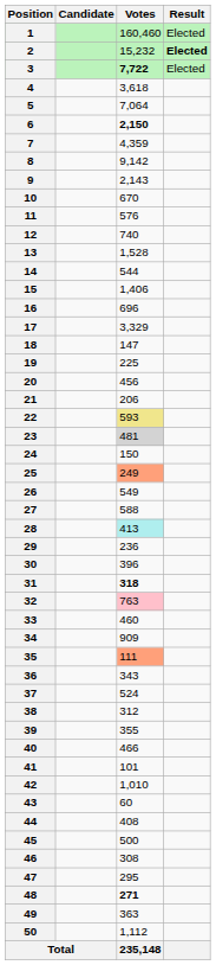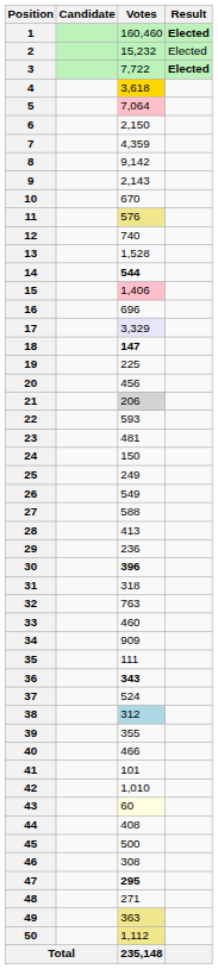 <table class="wikitable sortable col3right">
 <tr>
 <th scope="col">Position</th>
 <th scope="col">Candidate</th>
 <th scope="col">Votes</th>
 <th scope="col">Result</th>
 </tr>
 <tr bgcolor=bbf3bb>
 <th scope="row">1</th>
 <td></td>
 <td>160,460</td>
-<td>Elected</td>
+<td><strong>Elected</strong></td>
 </tr>
 <tr bgcolor=bbf3bb>
 <th scope="row">2</th>
 <td></td>
 <td>15,232</td>
-<td><strong>Elected</strong></td>
+<td>Elected</td>
 </tr>
 <tr bgcolor=bbf3bb>
 <th scope="row">3</th>
 <td></td>
-<td><strong>7,722</strong></td>
-<td>Elected</td>
+<td>7,722</td>
+<td><strong>Elected</strong></td>
 </tr>
 <tr>
 <th scope="row">4</th>
 <td></td>
-<td>3,618</td>
+<td style="background: gold;">3,618</td>
 <td></td>
 </tr>
 <tr>
 <th scope="row">5</th>
 <td></td>
-<td>7,064</td>
+<td style="background: pink;">7,064</td>
 <td></td>
 </tr>
 <tr>
 <th scope="row">6</th>
 <td></td>
-<td><strong>2,150</strong></td>
+<td>2,150</td>
 <td></td>
 </tr>
 <tr>
 <th scope="row">7</th>
 <td></td>
 <td>4,359</td>
 <td></td>
 </tr>
 <tr>
 <th scope="row">8</th>
 <td></td>
 <td>9,142</td>
 <td></td>
 </tr>
 <tr>
 <th scope="row">9</th>
 <td></td>
 <td>2,143</td>
 <td></td>
 </tr>
 <tr>
 <th scope="row">10</th>
 <td></td>
 <td>670</td>
 <td></td>
 </tr>
 <tr>
 <th scope="row">11</th>
 <td></td>
-<td>576</td>
+<td style="background: khaki;">576</td>
 <td></td>
 </tr>
 <tr>
 <th scope="row">12</th>
 <td></td>
 <td>740</td>
 <td></td>
 </tr>
 <tr>
 <th scope="row">13</th>
 <td></td>
 <td>1,528</td>
 <td></td>
 </tr>
 <tr>
 <th scope="row">14</th>
 <td></td>
-<td>544</td>
+<td><strong>544</strong></td>
 <td></td>
 </tr>
 <tr>
 <th scope="row">15</th>
 <td></td>
-<td>1,406</td>
+<td style="background: pink;">1,406</td>
 <td></td>
 </tr>
 <tr>
 <th scope="row">16</th>
 <td></td>
 <td>696</td>
 <td></td>
 </tr>
 <tr>
 <th scope="row">17</th>
 <td></td>
-<td>3,329</td>
+<td style="background: lavender;">3,329</td>
 <td></td>
 </tr>
 <tr>
 <th scope="row">18</th>
 <td></td>
-<td>147</td>
+<td><strong>147</strong></td>
 <td></td>
 </tr>
 <tr>
 <th scope="row">19</th>
 <td></td>
 <td>225</td>
 <td></td>
 </tr>
 <tr>
 <th scope="row">20</th>
 <td></td>
 <td>456</td>
 <td></td>
 </tr>
 <tr>
 <th scope="row">21</th>
 <td></td>
-<td>206</td>
+<td style="background: lightgrey;">206</td>
 <td></td>
 </tr>
 <tr>
 <th scope="row">22</th>
 <td></td>
-<td style="background: khaki;">593</td>
+<td>593</td>
 <td></td>
 </tr>
 <tr>
 <th scope="row">23</th>
 <td></td>
-<td style="background: lightgrey;">481</td>
+<td>481</td>
 <td></td>
 </tr>
 <tr>
 <th scope="row">24</th>
 <td></td>
 <td>150</td>
 <td></td>
 </tr>
 <tr>
 <th scope="row">25</th>
 <td></td>
-<td style="background: lightsalmon;">249</td>
+<td>249</td>
 <td></td>
 </tr>
 <tr>
 <th scope="row">26</th>
 <td></td>
 <td>549</td>
 <td></td>
 </tr>
 <tr>
 <th scope="row">27</th>
 <td></td>
 <td>588</td>
 <td></td>
 </tr>
 <tr>
 <th scope="row">28</th>
 <td></td>
-<td style="background: paleturquoise;">413</td>
+<td>413</td>
 <td></td>
 </tr>
 <tr>
 <th scope="row">29</th>
 <td></td>
 <td>236</td>
 <td></td>
 </tr>
 <tr>
 <th scope="row">30</th>
 <td></td>
-<td>396</td>
+<td><strong>396</strong></td>
 <td></td>
 </tr>
 <tr>
 <th scope="row">31</th>
 <td></td>
-<td><strong>318</strong></td>
+<td>318</td>
 <td></td>
 </tr>
 <tr>
 <th scope="row">32</th>
 <td></td>
-<td style="background: pink;">763</td>
+<td>763</td>
 <td></td>
 </tr>
 <tr>
 <th scope="row">33</th>
 <td></td>
 <td>460</td>
 <td></td>
 </tr>
 <tr>
 <th scope="row">34</th>
 <td></td>
 <td>909</td>
 <td></td>
 </tr>
 <tr>
 <th scope="row">35</th>
 <td></td>
-<td style="background: lightsalmon;">111</td>
+<td>111</td>
 <td></td>
 </tr>
 <tr>
 <th scope="row">36</th>
 <td></td>
-<td>343</td>
+<td><strong>343</strong></td>
 <td></td>
 </tr>
 <tr>
 <th scope="row">37</th>
 <td></td>
 <td>524</td>
 <td></td>
 </tr>
 <tr>
 <th scope="row">38</th>
 <td></td>
-<td>312</td>
+<td style="background: lightblue;">312</td>
 <td></td>
 </tr>
 <tr>
 <th scope="row">39</th>
 <td></td>
 <td>355</td>
 <td></td>
 </tr>
 <tr>
 <th scope="row">40</th>
 <td></td>
 <td>466</td>
 <td></td>
 </tr>
 <tr>
 <th scope="row">41</th>
 <td></td>
 <td>101</td>
 <td></td>
 </tr>
 <tr>
 <th scope="row">42</th>
 <td></td>
 <td>1,010</td>
 <td></td>
 </tr>
 <tr>
 <th scope="row">43</th>
 <td></td>
-<td>60</td>
+<td style="background: lightyellow;">60</td>
 <td></td>
 </tr>
 <tr>
 <th scope="row">44</th>
 <td></td>
 <td>408</td>
 <td></td>
 </tr>
 <tr>
 <th scope="row">45</th>
 <td></td>
 <td>500</td>
 <td></td>
 </tr>
 <tr>
 <th scope="row">46</th>
 <td></td>
 <td>308</td>
 <td></td>
 </tr>
 <tr>
 <th scope="row">47</th>
 <td></td>
-<td>295</td>
+<td><strong>295</strong></td>
 <td></td>
 </tr>
 <tr>
 <th scope="row">48</th>
 <td></td>
-<td><strong>271</strong></td>
+<td>271</td>
 <td></td>
 </tr>
 <tr>
 <th scope="row">49</th>
 <td></td>
-<td>363</td>
+<td style="background: khaki;">363</td>
 <td></td>
 </tr>
 <tr>
 <th scope="row">50</th>
 <td></td>
-<td>1,112</td>
+<td style="background: khaki;">1,112</td>
 <td></td>
 </tr>
 <tr class=sortbottom>
 <th scope="row" colspan="2">Total</th>
 <th style="text-align:right">235,148</th>
 <th></th>
 </tr>
 </table>
